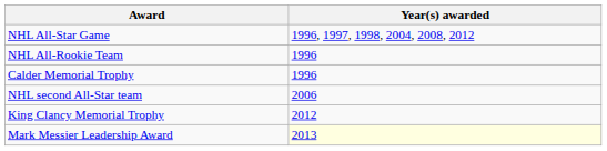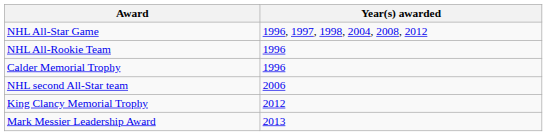 <table class="wikitable" style="width:60%;">
 <tr>
 <th>Award</th>
 <th>Year(s) awarded</th>
 </tr>
 <tr>
 <td><a href='#'>NHL All-Star Game</a></td>
 <td><a href='#'>1996</a>, <a href='#'>1997</a>, <a href='#'>1998</a>, <a href='#'>2004</a>, <a href='#'>2008</a>, <a href='#'>2012</a></td>
 </tr>
 <tr>
 <td><a href='#'>NHL All-Rookie Team</a></td>
 <td><a href='#'>1996</a></td>
 </tr>
 <tr>
 <td><a href='#'>Calder Memorial Trophy</a></td>
 <td><a href='#'>1996</a></td>
 </tr>
 <tr>
 <td><a href='#'>NHL second All-Star team</a></td>
 <td><a href='#'>2006</a></td>
 </tr>
 <tr>
 <td><a href='#'>King Clancy Memorial Trophy</a></td>
 <td><a href='#'>2012</a></td>
 </tr>
 <tr>
 <td><a href='#'>Mark Messier Leadership Award</a></td>
-<td style="background: lightyellow;"><a href='#'>2013</a><br></td>
+<td><a href='#'>2013</a><br></td>
 </tr>
 </table>
